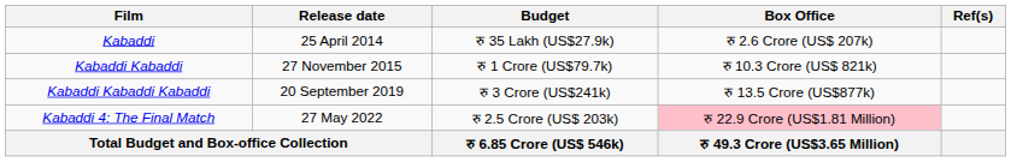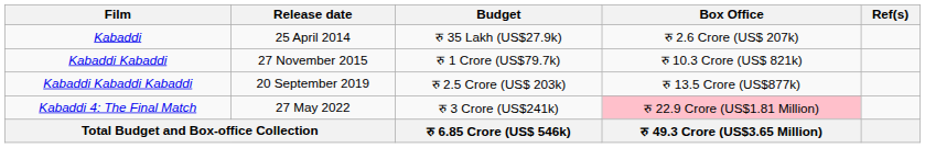 <table class="wikitable" style="text-align:center; width:90%;">
 <tr>
 <th>Film</th>
 <th>Release date</th>
 <th>Budget</th>
 <th>Box Office</th>
 <th>Ref(s)</th>
 </tr>
 <tr>
 <td><em><a href='#'>Kabaddi</a></em></td>
 <td>25 April 2014</td>
 <td>रु 35 Lakh (US$27.9k)</td>
 <td>रु 2.6 Crore (US$ 207k)</td>
 <td></td>
 </tr>
 <tr>
 <td><em><a href='#'>Kabaddi Kabaddi</a></em></td>
 <td>27 November 2015</td>
 <td>रु 1 Crore (US$79.7k)</td>
 <td>रु 10.3 Crore (US$ 821k)</td>
 <td></td>
 </tr>
 <tr>
 <td><em><a href='#'>Kabaddi Kabaddi Kabaddi</a></em></td>
 <td>20 September 2019</td>
-<td>रु 3 Crore (US$241k)</td>
+<td>रु 2.5 Crore (US$ 203k)</td>
 <td>रु 13.5 Crore (US$877k)</td>
 <td></td>
 </tr>
 <tr>
 <td><em><a href='#'>Kabaddi 4: The Final Match</a></em></td>
 <td>27 May 2022</td>
-<td>रु 2.5 Crore (US$ 203k)</td>
+<td>रु 3 Crore (US$241k)</td>
 <td style="background: pink;">रु 22.9 Crore (US$1.81 Million)</td>
 <td></td>
 </tr>
 <tr>
 <th colspan="2">Total Budget and Box-office Collection</th>
 <th>रु 6.85 Crore (US$ 546k)</th>
 <th>रु 49.3 Crore (US$3.65 Million)</th>
 <th></th>
 </tr>
 </table>
